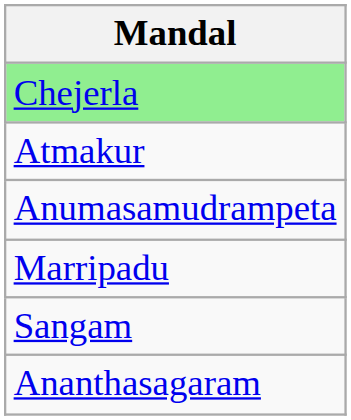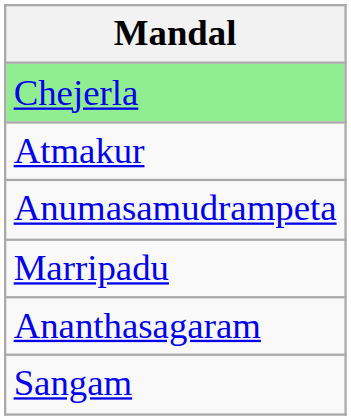 <table class="wikitable sortable static-row-numbers static-row-header-hash">
 <tr>
 <th>Mandal</th>
 </tr>
 <tr>
 <td style="background: lightgreen;"><a href='#'>Chejerla</a></td>
 </tr>
 <tr>
 <td><a href='#'>Atmakur</a></td>
 </tr>
 <tr>
 <td><a href='#'>Anumasamudrampeta</a></td>
 </tr>
 <tr>
 <td><a href='#'>Marripadu</a></td>
 </tr>
 <tr>
+<td><a href='#'>Ananthasagaram</a></td>
+</tr>
+<tr>
 <td><a href='#'>Sangam</a></td>
 </tr>
-<tr>
-<td><a href='#'>Ananthasagaram</a></td>
-</tr>
 </table>
